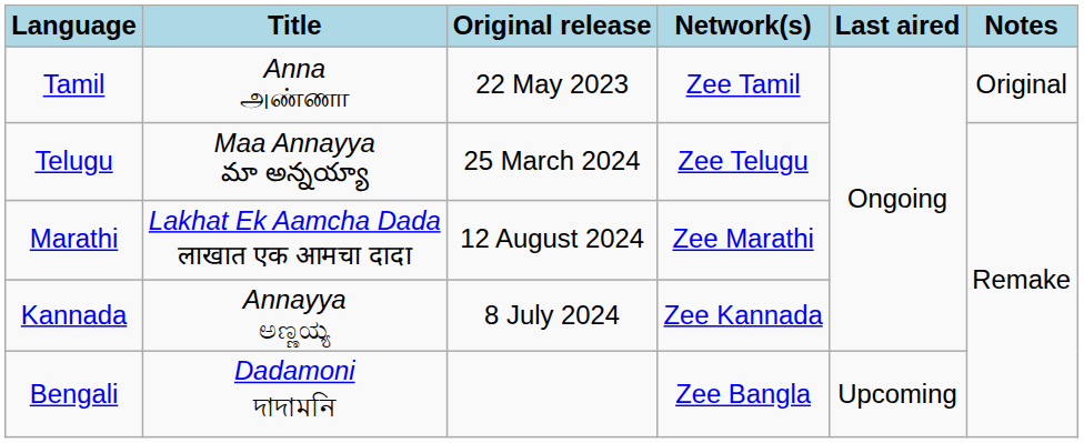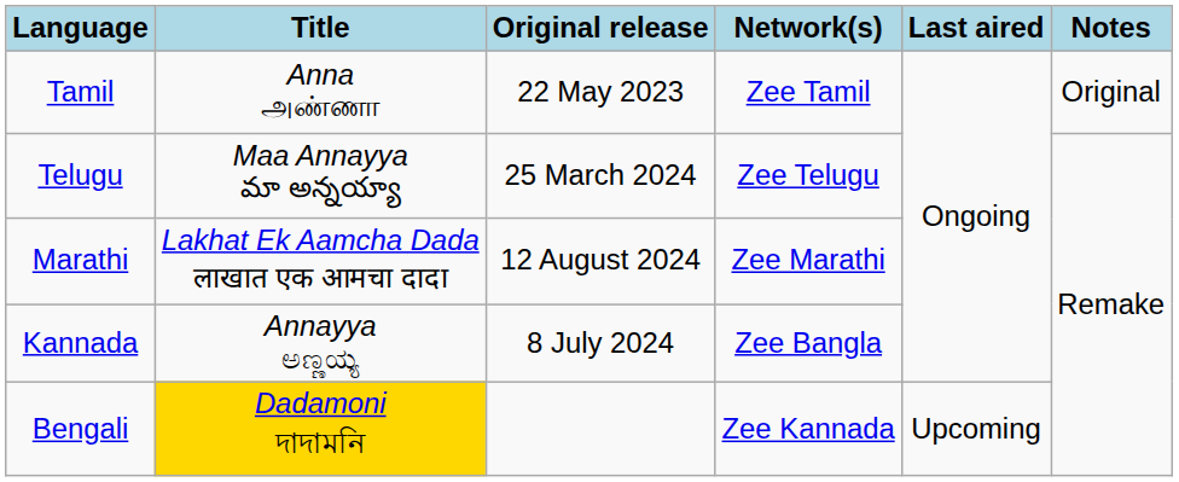 <table class="wikitable" style="text-align:center;">
 <tr>
 <th style="background:LightBlue;">Language</th>
 <th style="background:LightBlue;">Title</th>
 <th style="background:LightBlue;">Original release</th>
 <th style="background:LightBlue;">Network(s)</th>
 <th style="background:LightBlue;">Last aired</th>
 <th style="background:LightBlue;">Notes</th>
 </tr>
 <tr>
 <td><a href='#'>Tamil</a></td>
 <td><em>Anna</em> <br> அண்ணா</td>
 <td>22 May 2023</td>
 <td><a href='#'>Zee Tamil</a></td>
 <td rowspan="4">Ongoing</td>
 <td>Original</td>
 </tr>
 <tr>
 <td><a href='#'>Telugu</a></td>
 <td><em>Maa Annayya</em> <br> మా అన్నయ్యా</td>
 <td>25 March 2024</td>
 <td><a href='#'>Zee Telugu</a></td>
 <td rowspan="4">Remake</td>
 </tr>
 <tr>
 <td><a href='#'>Marathi</a></td>
 <td><em><a href='#'>Lakhat Ek Aamcha Dada</a></em> <br> लाखात एक आमचा दादा</td>
 <td>12 August 2024</td>
 <td><a href='#'>Zee Marathi</a></td>
 </tr>
 <tr>
 <td><a href='#'>Kannada</a></td>
 <td><em>Annayya</em> <br> ಅಣ್ಣಯ್ಯ</td>
 <td>8 July 2024</td>
-<td><a href='#'>Zee Kannada</a></td>
+<td><a href='#'>Zee Bangla</a></td>
 </tr>
 <tr>
 <td><a href='#'>Bengali</a></td>
-<td><em><a href='#'>Dadamoni</a></em> <br> দাদামনি</td>
+<td style="background: gold;"><em><a href='#'>Dadamoni</a></em> <br> দাদামনি</td>
 <td></td>
-<td><a href='#'>Zee Bangla</a></td>
+<td><a href='#'>Zee Kannada</a></td>
 <td>Upcoming</td>
 </tr>
 </table>
